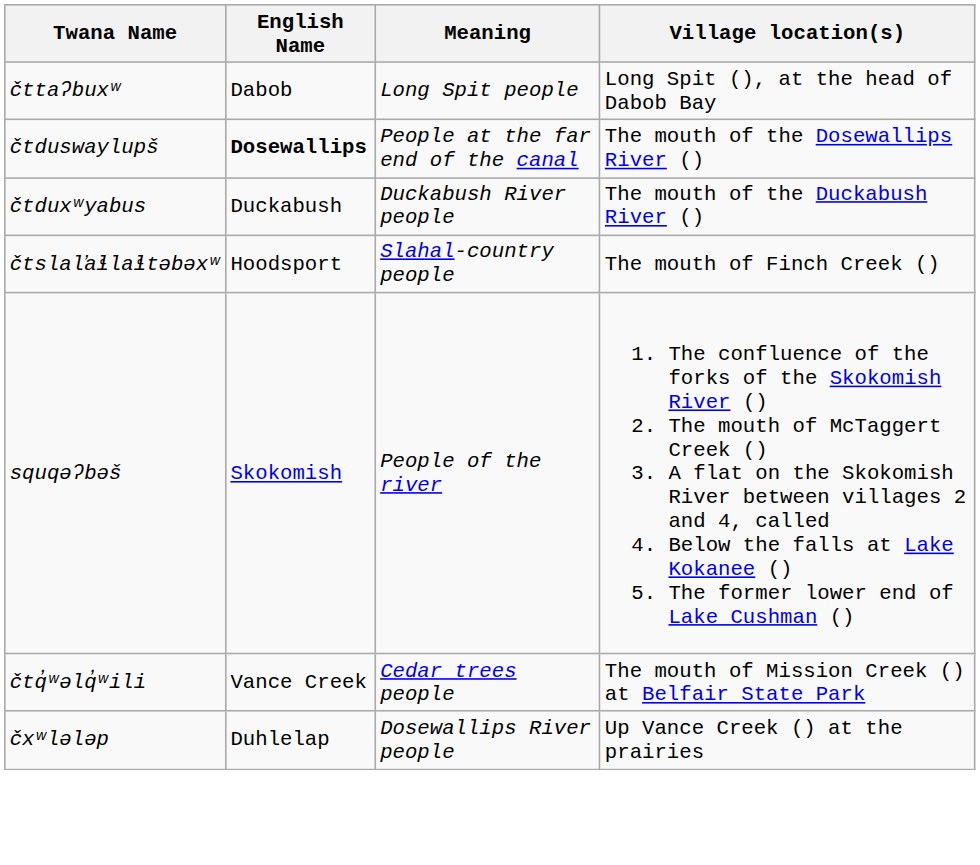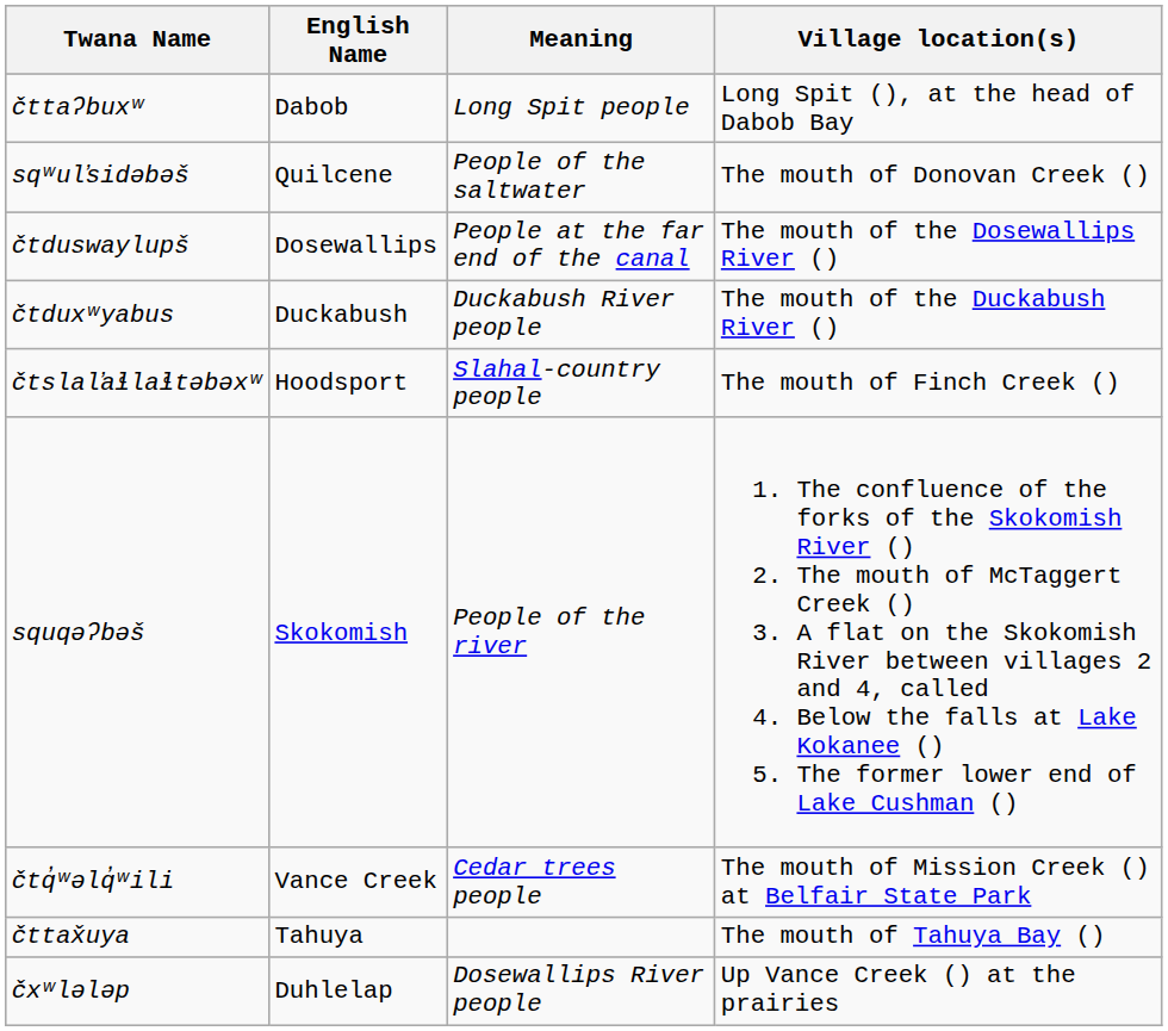 <table class="wikitable">
 <tr>
 <th>Twana Name</th>
 <th>English Name</th>
 <th>Meaning</th>
 <th>Village location(s)</th>
 </tr>
 <tr>
 <td><em>čttaʔbuxʷ</em></td>
 <td>Dabob</td>
 <td><em>Long Spit people</em></td>
 <td>Long Spit (), at the head of Dabob Bay</td>
 </tr>
 <tr>
+<td><em>sqʷul̕sidəbəš</em></td>
+<td>Quilcene</td>
+<td><em>People of the saltwater</em></td>
+<td>The mouth of Donovan Creek ()</td>
+</tr>
+<tr>
 <td><em>čtduswaylupš</em></td>
-<td><strong>Dosewallips</strong></td>
+<td>Dosewallips</td>
 <td><em>People at the far end of the <a href='#'>canal</a></em></td>
 <td>The mouth of the <a href='#'>Dosewallips River</a> ()</td>
 </tr>
 <tr>
 <td><em>čtduxʷyabus</em></td>
 <td>Duckabush</td>
 <td><em>Duckabush River people</em></td>
 <td>The mouth of the <a href='#'>Duckabush River</a> ()</td>
 </tr>
 <tr>
 <td><em>čtslal̕aɬlaɬtəbəxʷ</em></td>
 <td>Hoodsport</td>
 <td><em><a href='#'>Slahal</a>-country people</em></td>
 <td>The mouth of Finch Creek ()</td>
 </tr>
 <tr>
 <td><em>squqəʔbəš</em></td>
 <td><a href='#'>Skokomish</a></td>
 <td><em>People of the <a href='#'>river</a></em></td>
 <td><br><ol><li>The confluence of the forks of the <a href='#'>Skokomish River</a> ()</li><li>The mouth of McTaggert Creek ()</li><li>A flat on the Skokomish River between villages 2 and 4, called </li><li>Below the falls at <a href='#'>Lake Kokanee</a> ()</li><li>The former lower end of <a href='#'>Lake Cushman</a> ()</li></ol></td>
 </tr>
 <tr>
 <td><em>čtq̓ʷəlq̓ʷili</em></td>
 <td>Vance Creek</td>
 <td><em><a href='#'>Cedar trees</a> people</em></td>
 <td>The mouth of Mission Creek () at <a href='#'>Belfair State Park</a></td>
 </tr>
 <tr>
+<td><em>čttax̌uya</em></td>
+<td>Tahuya</td>
+<td></td>
+<td>The mouth of <a href='#'>Tahuya Bay</a> ()</td>
+</tr>
+<tr>
 <td><em>čxʷlələp</em></td>
 <td>Duhlelap</td>
 <td><em>Dosewallips River people</em></td>
 <td>Up Vance Creek () at the prairies</td>
 </tr>
 </table>
